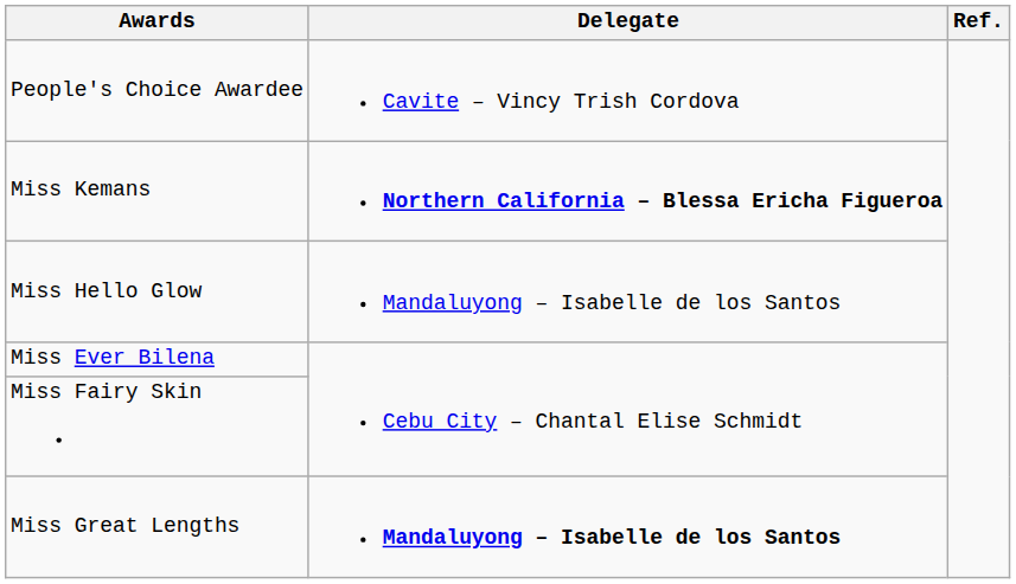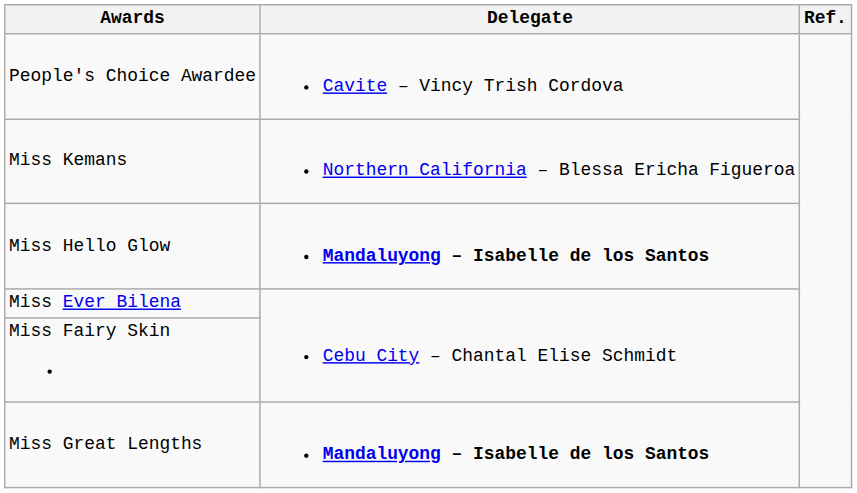 <table class="wikitable" style="font-size:95%;">
 <tr>
 <th>Awards</th>
 <th>Delegate</th>
 <th>Ref.</th>
 </tr>
 <tr>
 <td>People's Choice Awardee</td>
 <td><br><ul><li><a href='#'>Cavite</a> – Vincy Trish Cordova</li></ul></td>
 <td rowspan="6"></td>
 </tr>
 <tr>
 <td>Miss Kemans</td>
-<td><strong><br><ul><li><a href='#'>Northern California</a> – Blessa Ericha Figueroa</li></ul></strong></td>
+<td><br><ul><li><a href='#'>Northern California</a> – Blessa Ericha Figueroa</li></ul></td>
 </tr>
 <tr>
 <td>Miss Hello Glow</td>
-<td><br><ul><li><a href='#'>Mandaluyong</a> – Isabelle de los Santos</li></ul></td>
+<td><strong><br><ul><li><a href='#'>Mandaluyong</a> – Isabelle de los Santos</li></ul></strong></td>
 </tr>
 <tr>
 <td>Miss <a href='#'>Ever Bilena</a></td>
 <td rowspan="2"><br><ul><li><a href='#'>Cebu City</a> – Chantal Elise Schmidt</li></ul></td>
 </tr>
 <tr>
 <td>Miss Fairy Skin<br><ul><li></li></ul></td>
 </tr>
 <tr>
 <td>Miss Great Lengths</td>
 <td><strong><br><ul><li><a href='#'>Mandaluyong</a> – Isabelle de los Santos</li></ul></strong></td>
 </tr>
 </table>
